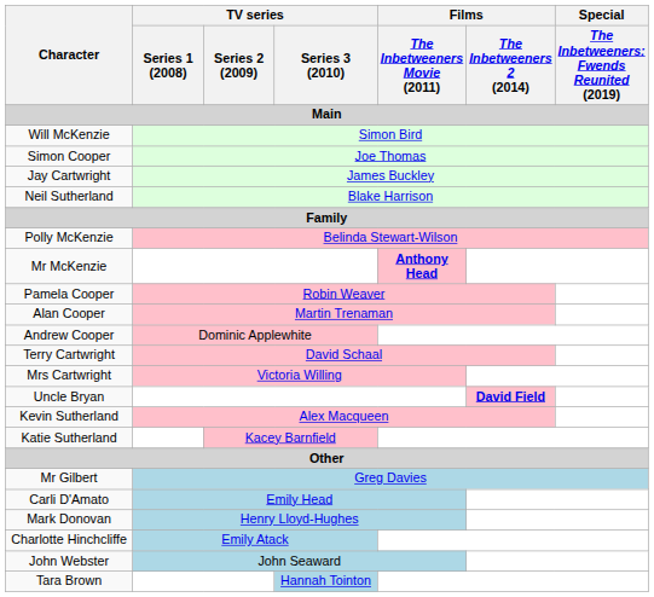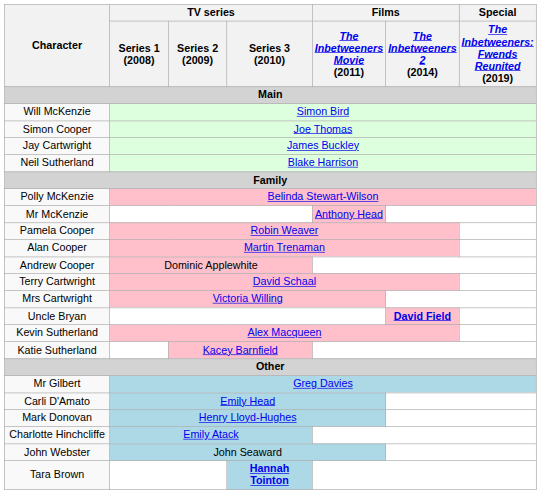 <table class="wikitable" style="text-align:center;">
 <tr>
 <th rowspan="2" style="width:150px;">Character</th>
 <th colspan="3">TV series</th>
 <th colspan="2">Films</th>
 <th>Special</th>
 </tr>
 <tr>
 <th style="width:80px;">Series 1<br>(2008)</th>
 <th style="width:80px;">Series 2<br>(2009)</th>
 <th style="width:120px;">Series 3<br>(2010)</th>
 <th style="width:80px;"><em><a href='#'>The Inbetweeners Movie</a></em><br>(2011)</th>
 <th style="width:80px;"><em><a href='#'>The Inbetweeners 2</a></em><br>(2014)</th>
 <th style="width:80px;"><em><a href='#'>The Inbetweeners: Fwends Reunited</a></em><br>(2019)</th>
 </tr>
 <tr>
 <td colspan="7" style="background:lightgrey;"><strong>Main</strong></td>
 </tr>
 <tr>
 <td>Will McKenzie</td>
 <td colspan="6" style="background:#dfd;"><a href='#'>Simon Bird</a></td>
 </tr>
 <tr>
 <td>Simon Cooper</td>
 <td colspan="6" style="background:#dfd;"><a href='#'>Joe Thomas</a></td>
 </tr>
 <tr>
 <td>Jay Cartwright</td>
 <td colspan="6" style="background:#dfd;"><a href='#'>James Buckley</a></td>
 </tr>
 <tr>
 <td>Neil Sutherland</td>
 <td colspan="6" style="background:#dfd;"><a href='#'>Blake Harrison</a></td>
 </tr>
 <tr>
 <td colspan="7" style="background:lightgrey;"><strong>Family</strong></td>
 </tr>
 <tr>
 <td>Polly McKenzie</td>
 <td colspan="6" style="background:pink;"><a href='#'>Belinda Stewart-Wilson</a></td>
 </tr>
 <tr>
 <td>Mr McKenzie</td>
 <td colspan="3" style="background:white;"></td>
-<td style="background:pink;"><strong><a href='#'>Anthony Head</a></strong></td>
+<td style="background:pink;"><a href='#'>Anthony Head</a></td>
 <td colspan="2" style="background:white;"></td>
 </tr>
 <tr>
 <td>Pamela Cooper</td>
 <td colspan="5" style="background:pink;"><a href='#'>Robin Weaver</a></td>
 <td style="background:white;"></td>
 </tr>
 <tr>
 <td>Alan Cooper</td>
 <td colspan="5" style="background:pink;"><a href='#'>Martin Trenaman</a></td>
 <td style="background:white;"></td>
 </tr>
 <tr>
 <td>Andrew Cooper</td>
 <td colspan="3" style="background:pink;">Dominic Applewhite</td>
 <td colspan="3" style="background:white;"></td>
 </tr>
 <tr>
 <td>Terry Cartwright</td>
 <td colspan="5" style="background:pink;"><a href='#'>David Schaal</a></td>
 <td style="background:white;"></td>
 </tr>
 <tr>
 <td>Mrs Cartwright</td>
 <td colspan="4" style="background:pink;"><a href='#'>Victoria Willing</a></td>
 <td colspan="2" style="background:white;"></td>
 </tr>
 <tr>
 <td>Uncle Bryan</td>
 <td colspan="4" style="background:white;"></td>
 <td style="background:pink;"><strong><a href='#'>David Field</a></strong></td>
 <td style="background:white;"></td>
 </tr>
 <tr>
 <td>Kevin Sutherland</td>
 <td colspan="5" style="background:pink;"><a href='#'>Alex Macqueen</a></td>
 <td style="background:white;"></td>
 </tr>
 <tr>
 <td>Katie Sutherland</td>
 <td style="background:white;"></td>
 <td colspan="2" style="background:pink;"><a href='#'>Kacey Barnfield</a></td>
 <td colspan="3" style="background:white;"></td>
 </tr>
 <tr>
 <td colspan="7" style="background:lightgrey;"><strong>Other</strong></td>
 </tr>
 <tr>
 <td>Mr Gilbert</td>
 <td colspan="6" style="background:lightblue;"><a href='#'>Greg Davies</a></td>
 </tr>
 <tr>
 <td>Carli D'Amato</td>
 <td colspan="4" style="background:lightblue;"><a href='#'>Emily Head</a></td>
 <td colspan="2" style="background:white;"></td>
 </tr>
 <tr>
 <td>Mark Donovan</td>
 <td colspan="4" style="background:lightblue;"><a href='#'>Henry Lloyd-Hughes</a></td>
 <td colspan="2" style="background:white;"></td>
 </tr>
 <tr>
 <td>Charlotte Hinchcliffe</td>
 <td colspan="3" style="background:lightblue;"><a href='#'>Emily Atack</a></td>
 <td colspan="3" style="background:white;"></td>
 </tr>
 <tr>
 <td>John Webster</td>
 <td colspan="4" style="background:lightblue;">John Seaward</td>
 <td colspan="2" style="background:white;"></td>
 </tr>
 <tr>
 <td>Tara Brown</td>
 <td colspan="2" style="background:white;"></td>
-<td style="background:lightblue;"><a href='#'>Hannah Tointon</a></td>
+<td style="background:lightblue;"><strong><a href='#'>Hannah Tointon</a></strong></td>
 <td colspan="3" style="background:white;"></td>
 </tr>
 </table>
